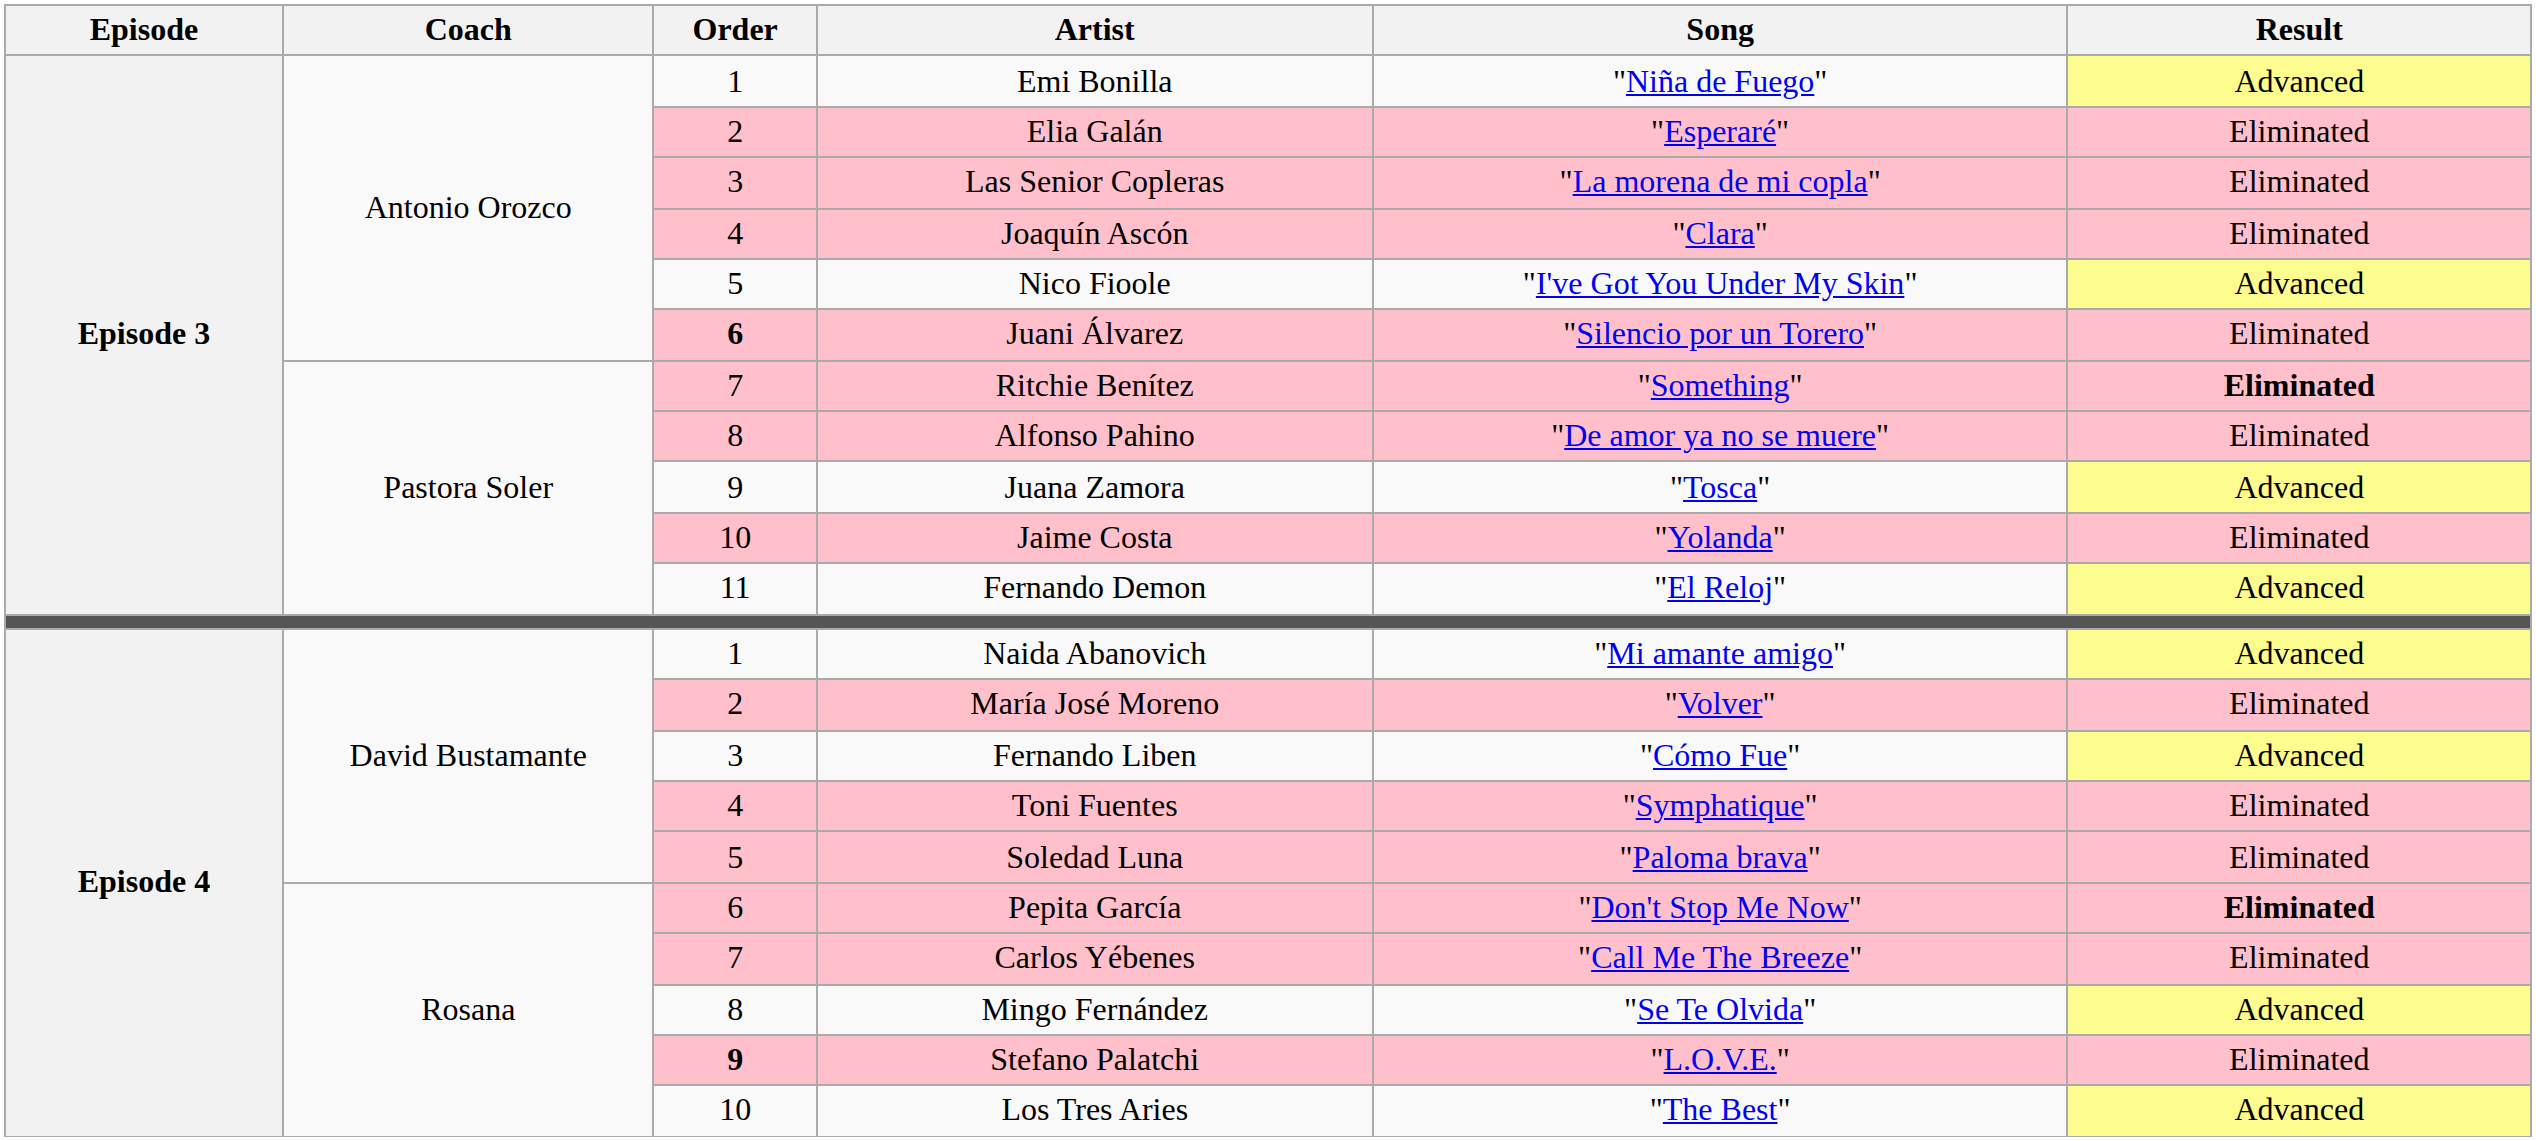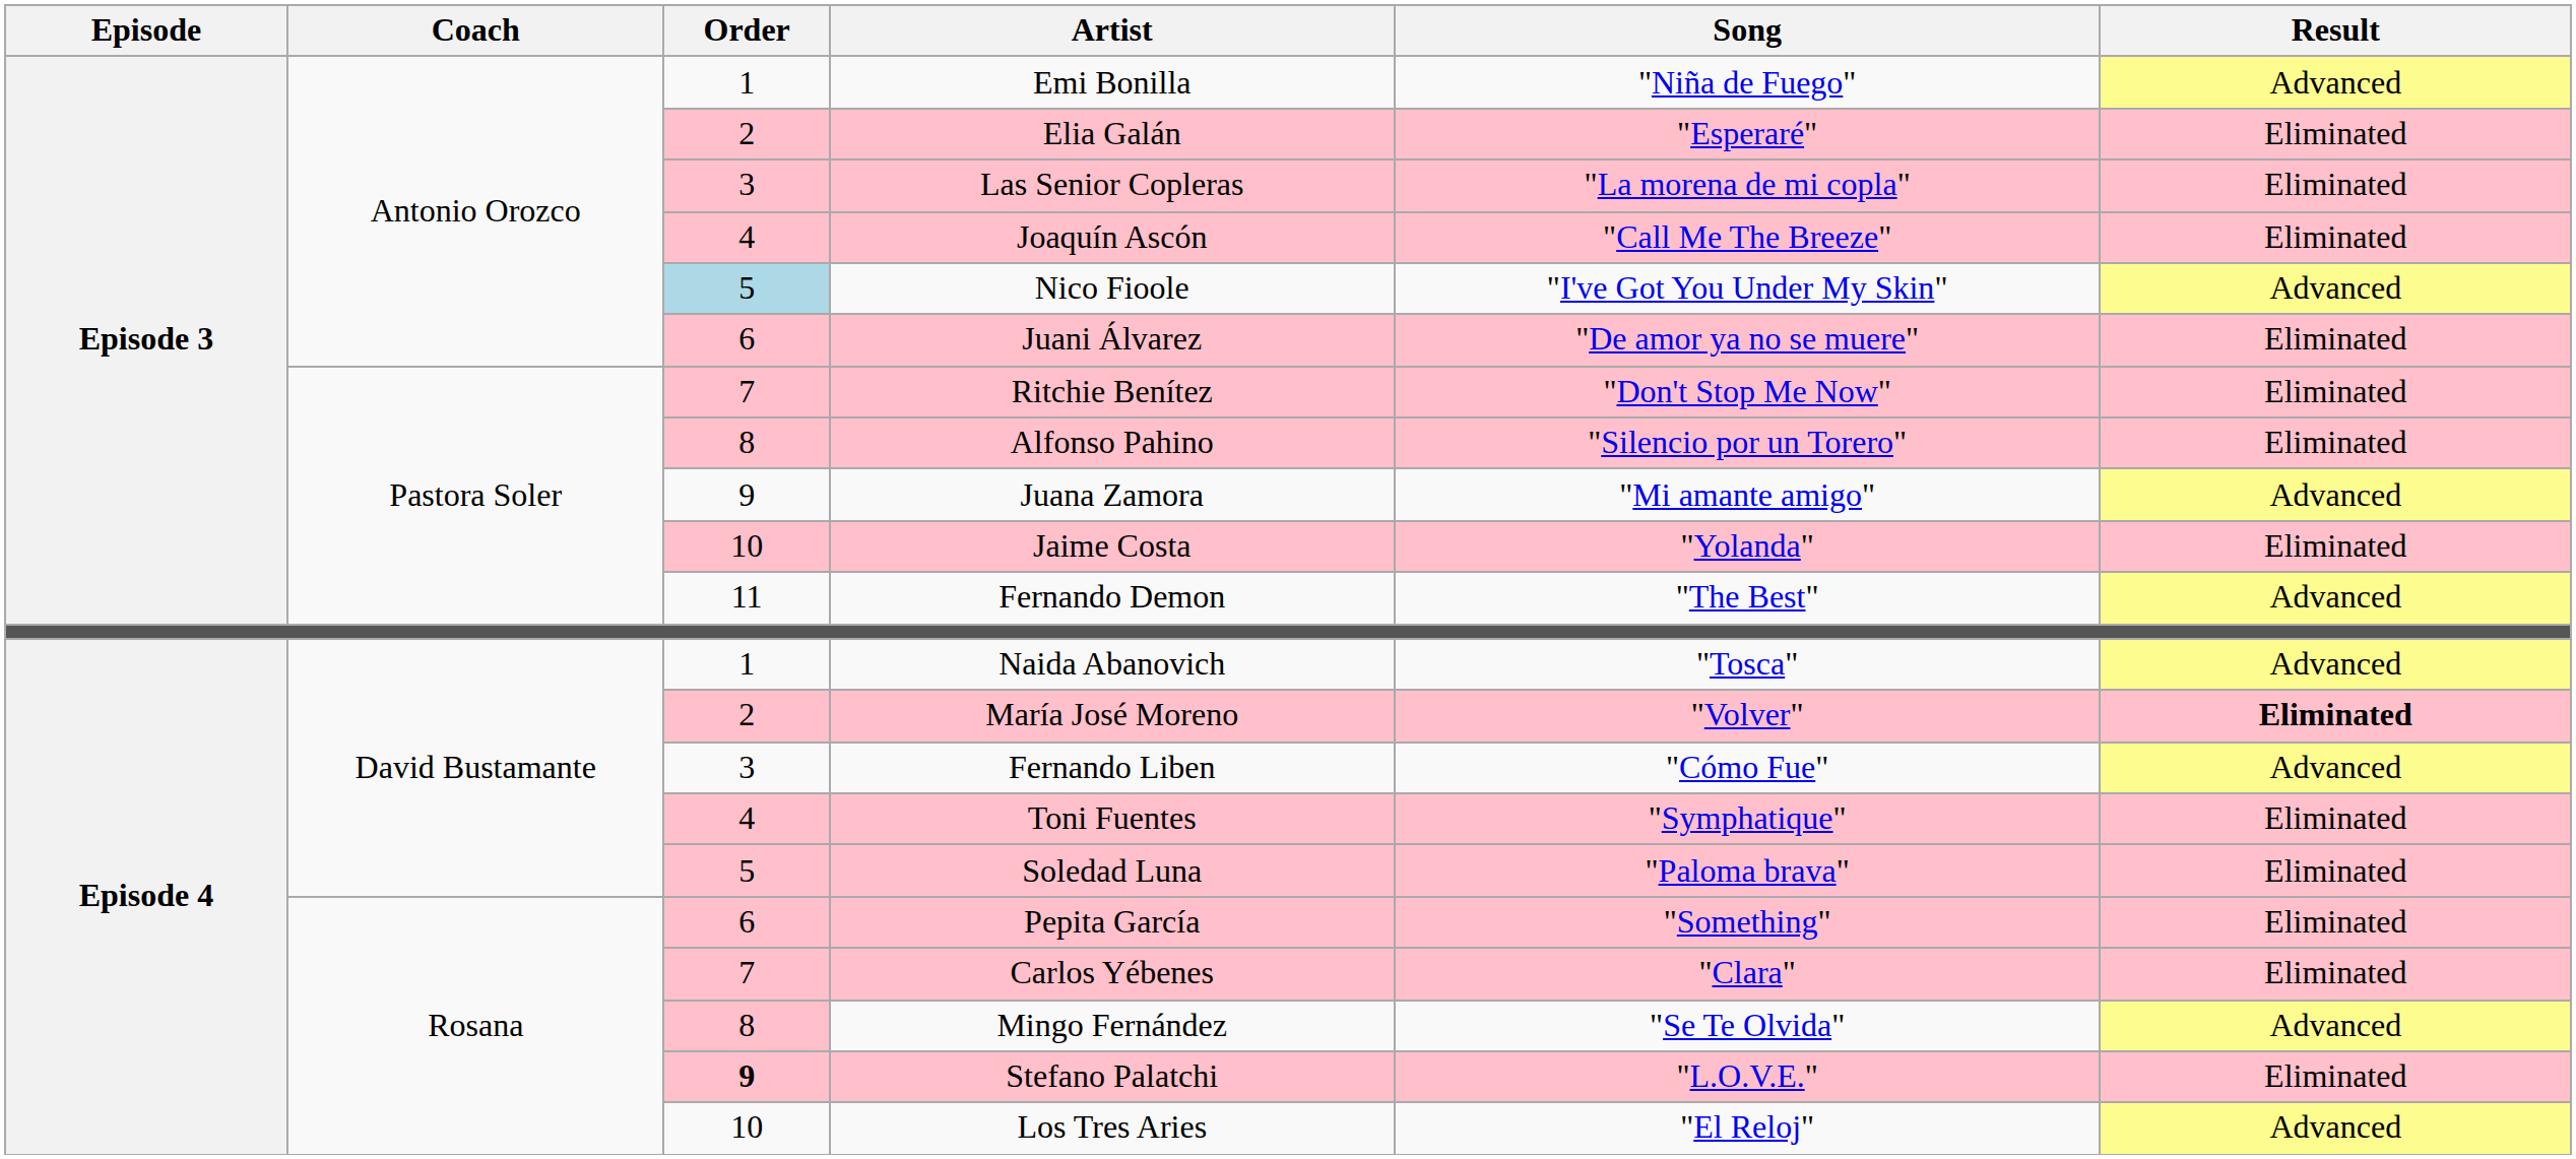 <table class="wikitable" style="text-align: center; width:100%">
 <tr>
 <th style="width:06%">Episode</th>
 <th style="width:08%">Coach</th>
 <th style="width:03%">Order</th>
 <th style="width:12%">Artist</th>
 <th style="width:15%">Song</th>
 <th style="width:10%">Result</th>
 </tr>
 <tr>
 <th rowspan="11">Episode 3<br></th>
 <td rowspan="6">Antonio Orozco</td>
 <td>1</td>
 <td>Emi Bonilla</td>
 <td>"<a href='#'>Niña de Fuego</a>"</td>
 <td style="background:#fdfc8f">Advanced</td>
 </tr>
 <tr style="background:pink">
 <td>2</td>
 <td>Elia Galán</td>
 <td>"<a href='#'>Esperaré</a>"</td>
 <td>Eliminated</td>
 </tr>
 <tr style="background:pink">
 <td>3</td>
 <td>Las Senior Copleras</td>
 <td>"<a href='#'>La morena de mi copla</a>"</td>
 <td>Eliminated</td>
 </tr>
 <tr style="background:pink">
 <td>4</td>
 <td>Joaquín Ascón</td>
-<td>"<a href='#'>Clara</a>"</td>
+<td>"<a href='#'>Call Me The Breeze</a>"</td>
 <td>Eliminated</td>
 </tr>
 <tr>
-<td>5</td>
+<td style="background: lightblue;">5</td>
 <td>Nico Fioole</td>
 <td>"<a href='#'>I've Got You Under My Skin</a>"</td>
 <td style="background:#fdfc8f">Advanced</td>
 </tr>
 <tr style="background:pink">
-<td><strong>6</strong></td>
+<td>6</td>
 <td>Juani Álvarez</td>
-<td>"<a href='#'>Silencio por un Torero</a>"</td>
+<td>"<a href='#'>De amor ya no se muere</a>"</td>
 <td>Eliminated</td>
 </tr>
 <tr>
 <td rowspan="5">Pastora Soler</td>
 <td style="background:pink">7</td>
 <td style="background:pink">Ritchie Benítez</td>
-<td style="background:pink">"<a href='#'>Something</a>"</td>
-<td style="background:pink"><strong>Eliminated</strong></td>
+<td style="background:pink">"<a href='#'>Don't Stop Me Now</a>"</td>
+<td style="background:pink">Eliminated</td>
 </tr>
 <tr style="background:pink">
 <td>8</td>
 <td>Alfonso Pahino</td>
-<td>"<a href='#'>De amor ya no se muere</a>"</td>
+<td>"<a href='#'>Silencio por un Torero</a>"</td>
 <td>Eliminated</td>
 </tr>
 <tr>
 <td>9</td>
 <td>Juana Zamora</td>
-<td>"<a href='#'>Tosca</a>"</td>
+<td>"<a href='#'>Mi amante amigo</a>"</td>
 <td style="background:#fdfc8f">Advanced</td>
 </tr>
 <tr style="background:pink"|>
 <td>10</td>
 <td>Jaime Costa</td>
 <td>"<a href='#'>Yolanda</a>"</td>
 <td>Eliminated</td>
 </tr>
 <tr>
 <td>11</td>
 <td>Fernando Demon</td>
-<td>"<a href='#'>El Reloj</a>"</td>
+<td>"<a href='#'>The Best</a>"</td>
 <td style="background:#fdfc8f">Advanced</td>
 </tr>
 <tr>
 <td colspan="6" bgcolor="#555"></td>
 </tr>
 <tr>
 <th rowspan="10">Episode 4<br></th>
 <td rowspan="5">David Bustamante</td>
 <td>1</td>
 <td>Naida Abanovich</td>
-<td>"<a href='#'>Mi amante amigo</a>"</td>
+<td>"<a href='#'>Tosca</a>"</td>
 <td style="background:#fdfc8f">Advanced</td>
 </tr>
 <tr style="background:pink">
 <td>2</td>
 <td>María José Moreno</td>
 <td>"<a href='#'>Volver</a>"</td>
-<td>Eliminated</td>
+<td><strong>Eliminated</strong></td>
 </tr>
 <tr>
 <td>3</td>
 <td>Fernando Liben</td>
 <td>"<a href='#'>Cómo Fue</a>"</td>
 <td style="background:#fdfc8f">Advanced</td>
 </tr>
 <tr style="background:pink">
 <td>4</td>
 <td>Toni Fuentes</td>
 <td>"<a href='#'>Symphatique</a>"</td>
 <td>Eliminated</td>
 </tr>
 <tr style="background:pink">
 <td>5</td>
 <td>Soledad Luna</td>
 <td>"<a href='#'>Paloma brava</a>"</td>
 <td>Eliminated</td>
 </tr>
 <tr>
 <td rowspan="5">Rosana</td>
 <td style="background:pink">6</td>
 <td style="background:pink">Pepita García</td>
-<td style="background:pink">"<a href='#'>Don't Stop Me Now</a>"</td>
-<td style="background:pink"><strong>Eliminated</strong></td>
+<td style="background:pink">"<a href='#'>Something</a>"</td>
+<td style="background:pink">Eliminated</td>
 </tr>
 <tr style="background:pink">
 <td>7</td>
 <td>Carlos Yébenes</td>
-<td>"<a href='#'>Call Me The Breeze</a>"</td>
+<td>"<a href='#'>Clara</a>"</td>
 <td>Eliminated</td>
 </tr>
 <tr>
-<td>8</td>
+<td style="background: pink;">8</td>
 <td>Mingo Fernández</td>
 <td>"<a href='#'>Se Te Olvida</a>"</td>
 <td style="background:#fdfc8f">Advanced</td>
 </tr>
 <tr style="background:pink">
 <td><strong>9</strong></td>
 <td>Stefano Palatchi</td>
 <td>"<a href='#'>L.O.V.E.</a>"</td>
 <td>Eliminated</td>
 </tr>
 <tr>
 <td>10</td>
 <td>Los Tres Aries</td>
-<td>"<a href='#'>The Best</a>"</td>
+<td>"<a href='#'>El Reloj</a>"</td>
 <td style="background:#fdfc8f">Advanced</td>
 </tr>
 </table>
